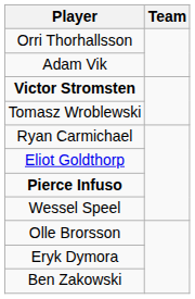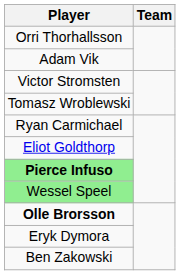 <table class="wikitable" style="text-align: center;">
 <tr>
 <th>Player</th>
 <th>Team</th>
 </tr>
 <tr>
 <td>Orri Thorhallsson</td>
 <td rowspan=2></td>
 </tr>
 <tr>
 <td>Adam Vik</td>
 </tr>
 <tr>
-<td><strong>Victor Stromsten</strong></td>
+<td>Victor Stromsten</td>
 <td rowspan=2></td>
 </tr>
 <tr>
 <td>Tomasz Wroblewski</td>
 </tr>
 <tr>
 <td>Ryan Carmichael</td>
 <td rowspan=4></td>
 </tr>
 <tr>
 <td><a href='#'>Eliot Goldthorp</a></td>
 </tr>
 <tr>
-<td><strong>Pierce Infuso</strong></td>
+<td style="background: lightgreen;"><strong>Pierce Infuso</strong></td>
 </tr>
 <tr>
-<td>Wessel Speel</td>
+<td style="background: lightgreen;">Wessel Speel</td>
 </tr>
 <tr>
-<td>Olle Brorsson</td>
+<td><strong>Olle Brorsson</strong></td>
 <td rowspan=3></td>
 </tr>
 <tr>
 <td>Eryk Dymora</td>
 </tr>
 <tr>
 <td>Ben Zakowski</td>
 </tr>
 </table>
